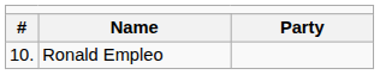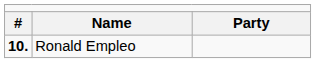 <table class=wikitable style="font-size:90%">
 <tr>
 <td colspan=4 bgcolor=></td>
 </tr>
 <tr>
 <th>#</th>
 <th width=150px>Name</th>
 <th colspan=2 width=110px>Party</th>
 </tr>
 <tr>
-<td>10.</td>
+<td><strong>10.</strong></td>
 <td>Ronald Empleo</td>
 <td></td>
 </tr>
 </table>
